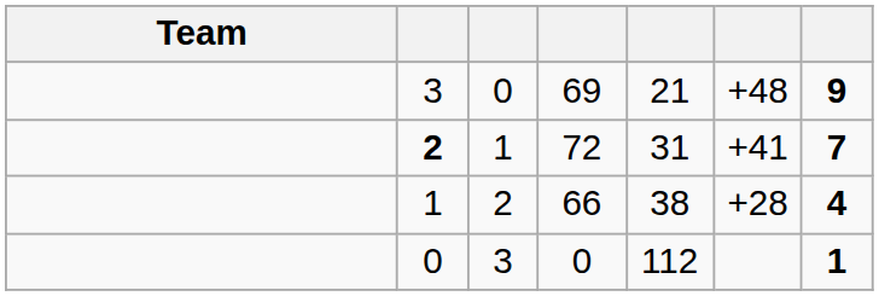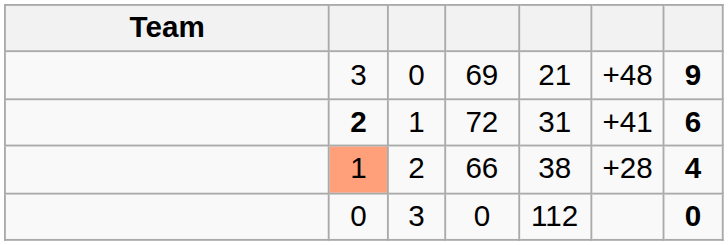 <table class="wikitable" style="text-align:center;">
 <tr>
 <th style="width:10.5em;">Team</th>
 <th style="width:1.5em;"></th>
 <th style="width:1.5em;"></th>
 <th style="width:2.0em;"></th>
 <th style="width:2.0em;"></th>
 <th style="width:2.0em;"></th>
 <th style="width:1.5em;"></th>
 </tr>
 <tr>
 <td align="left"></td>
 <td>3</td>
 <td>0</td>
 <td>69</td>
 <td>21</td>
 <td>+48</td>
 <td><strong>9</strong></td>
 </tr>
 <tr>
 <td align="left"></td>
 <td><strong>2</strong></td>
 <td>1</td>
 <td>72</td>
 <td>31</td>
 <td>+41</td>
-<td><strong>7</strong></td>
+<td><strong>6</strong></td>
 </tr>
 <tr>
 <td align="left"></td>
-<td>1</td>
+<td style="background: lightsalmon;">1</td>
 <td>2</td>
 <td>66</td>
 <td>38</td>
 <td>+28</td>
 <td><strong>4</strong></td>
 </tr>
 <tr>
 <td align="left"></td>
 <td>0</td>
 <td>3</td>
 <td>0</td>
 <td>112</td>
 <td></td>
-<td><strong>1</strong></td>
+<td><strong>0</strong></td>
 </tr>
 </table>
